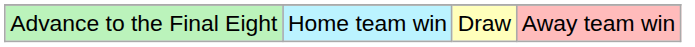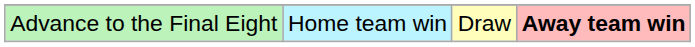 <table class="wikitable" style="font-size:90%; text-align:center;">
 <tr>
 </tr>
 <tr>
 <td style="background:#BBF3BB;">Advance to the Final Eight</td>
 <td style="background:#BBF3FF;">Home team win</td>
 <td style="background:#FFFFBB;">Draw</td>
-<td style="background:#FFBBBB;">Away team win</td>
+<td style="background:#FFBBBB;"><strong>Away team win</strong></td>
 </tr>
 </table>
